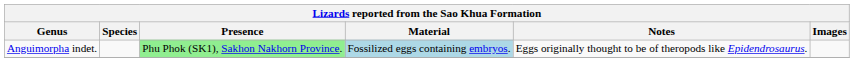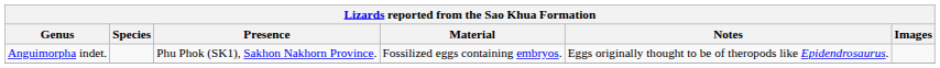 <table class="wikitable" align="center">
 <tr>
 <th colspan="6" align="center"><strong><a href='#'>Lizards</a> reported from the Sao Khua Formation</strong></th>
 </tr>
 <tr>
 <th>Genus</th>
 <th>Species</th>
 <th>Presence</th>
 <th><strong>Material</strong></th>
 <th>Notes</th>
 <th>Images</th>
 </tr>
 <tr>
 <td><a href='#'>Anguimorpha</a> indet.</td>
 <td></td>
-<td style="background: lightgreen;">Phu Phok (SK1), <a href='#'>Sakhon Nakhorn Province</a>.</td>
-<td style="background: lightblue;">Fossilized eggs containing <a href='#'>embryos</a>.</td>
+<td>Phu Phok (SK1), <a href='#'>Sakhon Nakhorn Province</a>.</td>
+<td>Fossilized eggs containing <a href='#'>embryos</a>.</td>
 <td>Eggs originally thought to be of theropods like <em><a href='#'>Epidendrosaurus</a></em>.</td>
 <td></td>
 </tr>
 <tr>
 </tr>
 </table>
